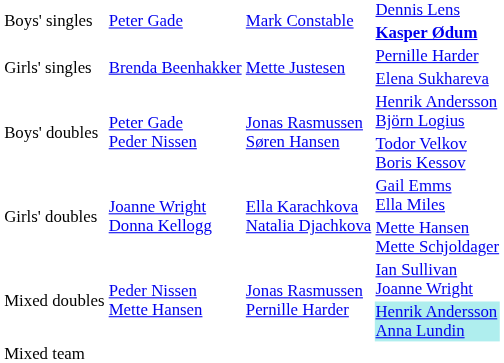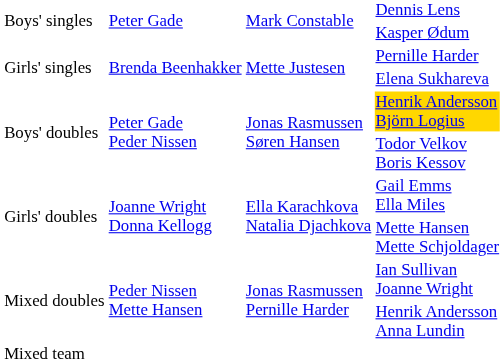 <table>
 <tr>
 <td rowspan=2>Boys' singles</td>
 <td rowspan=2> <a href='#'>Peter Gade</a></td>
 <td rowspan=2> <a href='#'>Mark Constable</a></td>
 <td> <a href='#'>Dennis Lens</a></td>
 </tr>
 <tr>
-<td><strong> <a href='#'>Kasper Ødum</a></strong></td>
+<td> <a href='#'>Kasper Ødum</a></td>
 </tr>
 <tr>
 <td rowspan=2>Girls' singles</td>
 <td rowspan=2> <a href='#'>Brenda Beenhakker</a></td>
 <td rowspan=2> <a href='#'>Mette Justesen</a></td>
 <td> <a href='#'>Pernille Harder</a></td>
 </tr>
 <tr>
 <td> <a href='#'>Elena Sukhareva</a></td>
 </tr>
 <tr>
 <td rowspan=2>Boys' doubles</td>
 <td rowspan=2> <a href='#'>Peter Gade</a> <br>  <a href='#'>Peder Nissen</a></td>
 <td rowspan=2> <a href='#'>Jonas Rasmussen</a> <br>  <a href='#'>Søren Hansen</a></td>
-<td> <a href='#'>Henrik Andersson</a> <br>  <a href='#'>Björn Logius</a></td>
+<td style="background: gold;"> <a href='#'>Henrik Andersson</a> <br>  <a href='#'>Björn Logius</a></td>
 </tr>
 <tr>
 <td> <a href='#'>Todor Velkov</a> <br>  <a href='#'>Boris Kessov</a></td>
 </tr>
 <tr>
 <td rowspan=2>Girls' doubles</td>
 <td rowspan=2> <a href='#'>Joanne Wright</a> <br>  <a href='#'>Donna Kellogg</a></td>
 <td rowspan=2> <a href='#'>Ella Karachkova</a> <br>  <a href='#'>Natalia Djachkova</a></td>
 <td> <a href='#'>Gail Emms</a> <br>  <a href='#'>Ella Miles</a></td>
 </tr>
 <tr>
 <td> <a href='#'>Mette Hansen</a> <br>  <a href='#'>Mette Schjoldager</a></td>
 </tr>
 <tr>
 <td rowspan=2>Mixed doubles</td>
 <td rowspan=2> <a href='#'>Peder Nissen</a> <br>  <a href='#'>Mette Hansen</a></td>
 <td rowspan=2> <a href='#'>Jonas Rasmussen</a> <br>  <a href='#'>Pernille Harder</a></td>
 <td> <a href='#'>Ian Sullivan</a> <br>  <a href='#'>Joanne Wright</a></td>
 </tr>
 <tr>
-<td style="background: paleturquoise;"> <a href='#'>Henrik Andersson</a> <br>  <a href='#'>Anna Lundin</a></td>
+<td> <a href='#'>Henrik Andersson</a> <br>  <a href='#'>Anna Lundin</a></td>
 </tr>
 <tr>
 <td>Mixed team</td>
 <td></td>
 <td></td>
 <td></td>
 </tr>
 </table>
